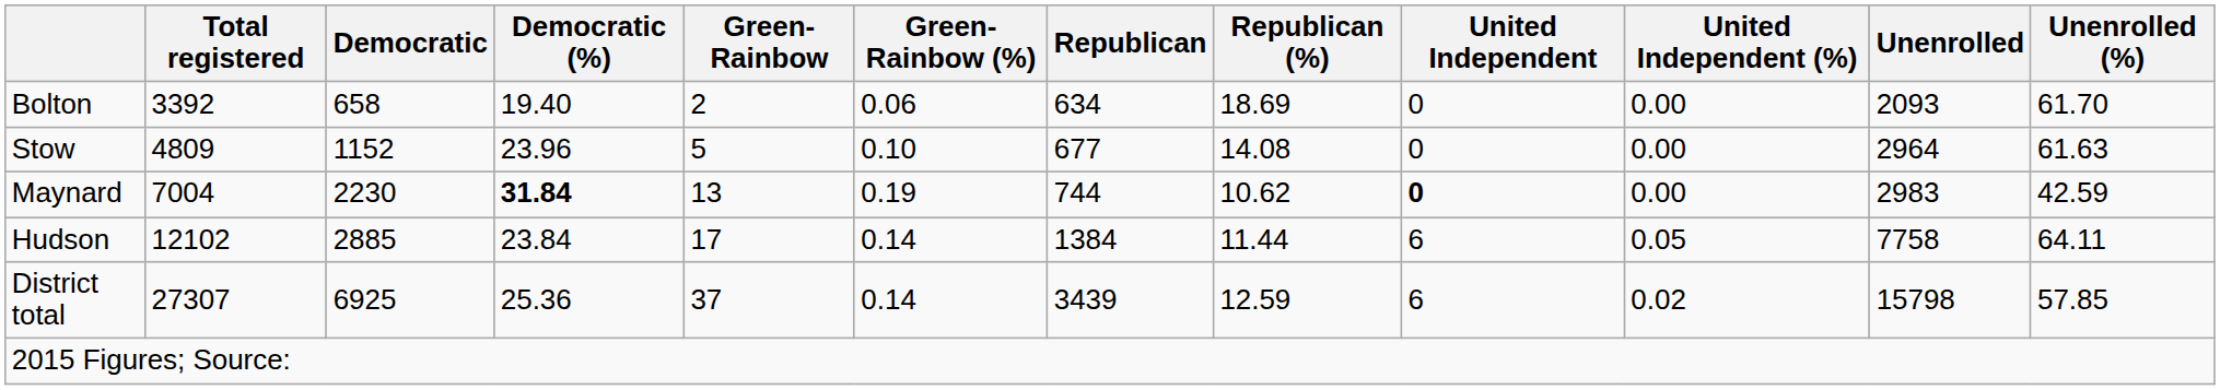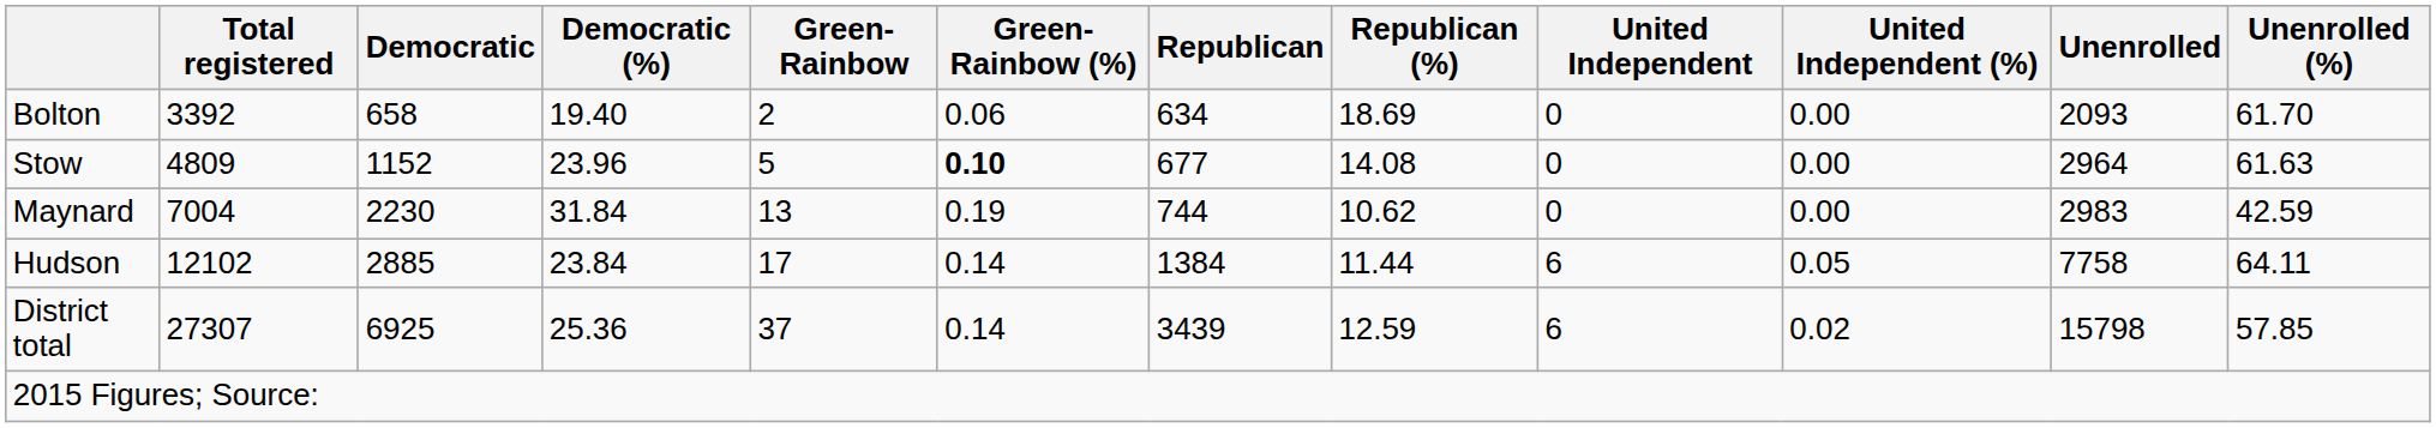 <table class="wikitable">
 <tr>
 <th></th>
 <th>Total registered</th>
 <th>Democratic</th>
 <th>Democratic (%)</th>
 <th>Green-Rainbow</th>
 <th>Green-Rainbow (%)</th>
 <th>Republican</th>
 <th>Republican (%)</th>
 <th>United Independent</th>
 <th>United Independent (%)</th>
 <th>Unenrolled</th>
 <th>Unenrolled (%)</th>
 </tr>
 <tr>
 <td>Bolton</td>
 <td>3392</td>
 <td>658</td>
 <td>19.40</td>
 <td>2</td>
 <td>0.06</td>
 <td>634</td>
 <td>18.69</td>
 <td>0</td>
 <td>0.00</td>
 <td>2093</td>
 <td>61.70</td>
 </tr>
 <tr>
 <td>Stow</td>
 <td>4809</td>
 <td>1152</td>
 <td>23.96</td>
 <td>5</td>
-<td>0.10</td>
+<td><strong>0.10</strong></td>
 <td>677</td>
 <td>14.08</td>
 <td>0</td>
 <td>0.00</td>
 <td>2964</td>
 <td>61.63</td>
 </tr>
 <tr>
 <td>Maynard</td>
 <td>7004</td>
 <td>2230</td>
-<td><strong>31.84</strong></td>
+<td>31.84</td>
 <td>13</td>
 <td>0.19</td>
 <td>744</td>
 <td>10.62</td>
-<td><strong>0</strong></td>
+<td>0</td>
 <td>0.00</td>
 <td>2983</td>
 <td>42.59</td>
 </tr>
 <tr>
 <td>Hudson</td>
 <td>12102</td>
 <td>2885</td>
 <td>23.84</td>
 <td>17</td>
 <td>0.14</td>
 <td>1384</td>
 <td>11.44</td>
 <td>6</td>
 <td>0.05</td>
 <td>7758</td>
 <td>64.11</td>
 </tr>
 <tr>
 <td>District total</td>
 <td>27307</td>
 <td>6925</td>
 <td>25.36</td>
 <td>37</td>
 <td>0.14</td>
 <td>3439</td>
 <td>12.59</td>
 <td>6</td>
 <td>0.02</td>
 <td>15798</td>
 <td>57.85</td>
 </tr>
 <tr>
 <td align=left colspan=12>2015 Figures; Source: </td>
 </tr>
 </table>
